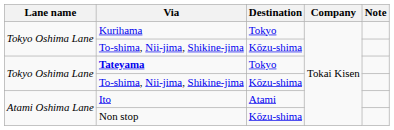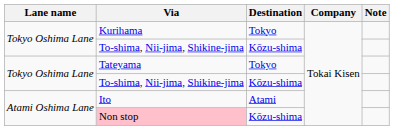 <table class="wikitable">
 <tr>
 <th>Lane name</th>
 <th>Via</th>
 <th>Destination</th>
 <th>Company</th>
 <th>Note</th>
 </tr>
 <tr>
 <td rowspan="2"><em>Tokyo Oshima Lane</em></td>
 <td><a href='#'>Kurihama</a></td>
 <td><a href='#'>Tokyo</a></td>
 <td rowspan="6">Tokai Kisen</td>
 <td></td>
 </tr>
 <tr>
 <td><a href='#'>To-shima</a>, <a href='#'>Nii-jima</a>, <a href='#'>Shikine-jima</a></td>
 <td><a href='#'>Kōzu-shima</a></td>
 <td></td>
 </tr>
 <tr>
 <td rowspan="2"><em>Tokyo Oshima Lane</em></td>
-<td><strong><a href='#'>Tateyama</a></strong></td>
+<td><a href='#'>Tateyama</a></td>
 <td><a href='#'>Tokyo</a></td>
 <td></td>
 </tr>
 <tr>
 <td><a href='#'>To-shima</a>, <a href='#'>Nii-jima</a>, <a href='#'>Shikine-jima</a></td>
 <td><a href='#'>Kōzu-shima</a></td>
 <td></td>
 </tr>
 <tr>
 <td rowspan="2"><em>Atami Oshima Lane</em></td>
 <td><a href='#'>Ito</a></td>
 <td><a href='#'>Atami</a></td>
 <td></td>
 </tr>
 <tr>
-<td>Non stop</td>
+<td style="background: pink;">Non stop</td>
 <td><a href='#'>Kōzu-shima</a></td>
 <td></td>
 </tr>
 </table>
